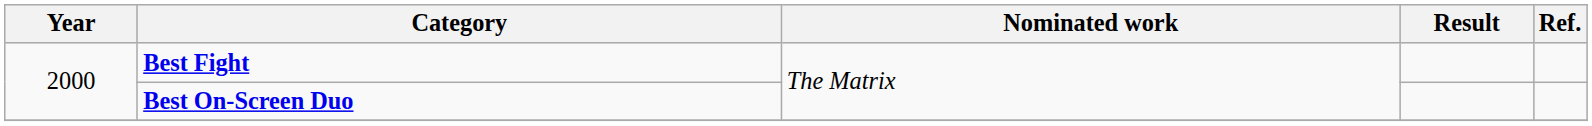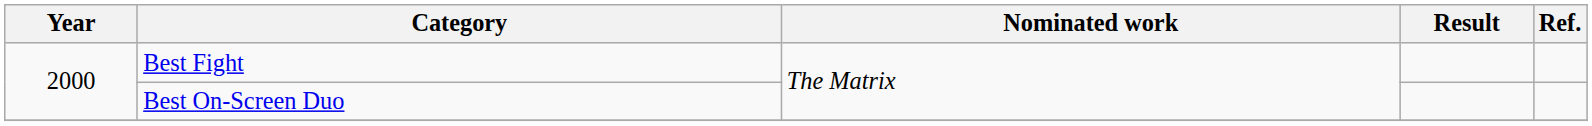 <table class=wikitable>
 <tr>
 <th scope="col" style="width:5em;">Year</th>
 <th scope="col" style="width:26em;">Category</th>
 <th scope="col" style="width:25em;">Nominated work</th>
 <th scope="col" style="width:5em;">Result</th>
 <th>Ref.</th>
 </tr>
 <tr>
 <td style="text-align:center;", rowspan="2">2000</td>
-<td><strong><a href='#'>Best Fight</a> </strong></td>
+<td><a href='#'>Best Fight</a> </td>
 <td rowspan="2"><em>The Matrix</em></td>
 <td></td>
 <td></td>
 </tr>
 <tr>
-<td><strong><a href='#'>Best On-Screen Duo</a> </strong></td>
+<td><a href='#'>Best On-Screen Duo</a> </td>
 <td></td>
 <td></td>
 </tr>
 <tr>
 </tr>
 </table>
